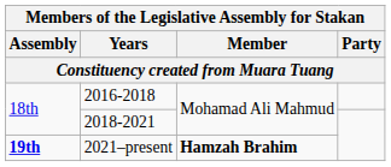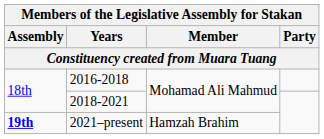 <table class=wikitable>
 <tr>
 <th colspan="4">Members of the Legislative Assembly for Stakan</th>
 </tr>
 <tr>
 <th>Assembly</th>
 <th>Years</th>
 <th>Member</th>
 <th>Party</th>
 </tr>
 <tr>
 <th colspan=4 align=center><em>Constituency created from Muara Tuang</em></th>
 </tr>
 <tr>
 <td rowspan=2><a href='#'>18th</a></td>
 <td>2016-2018</td>
 <td rowspan="2">Mohamad Ali Mahmud</td>
 <td></td>
 </tr>
 <tr>
 <td>2018-2021</td>
 <td rowspan="2"></td>
 </tr>
 <tr>
 <td><strong><a href='#'>19th</a></strong></td>
 <td>2021–present</td>
-<td><strong>Hamzah Brahim</strong></td>
+<td>Hamzah Brahim</td>
 </tr>
 </table>
